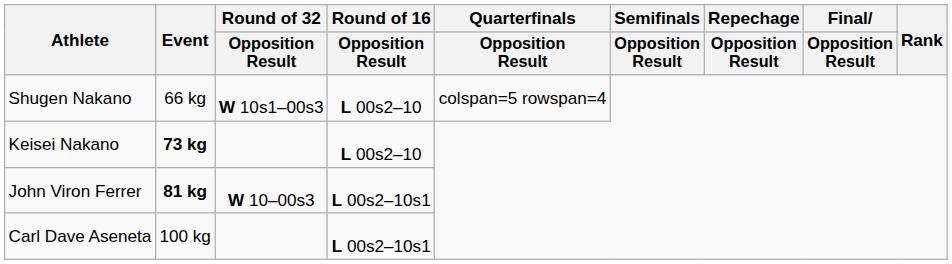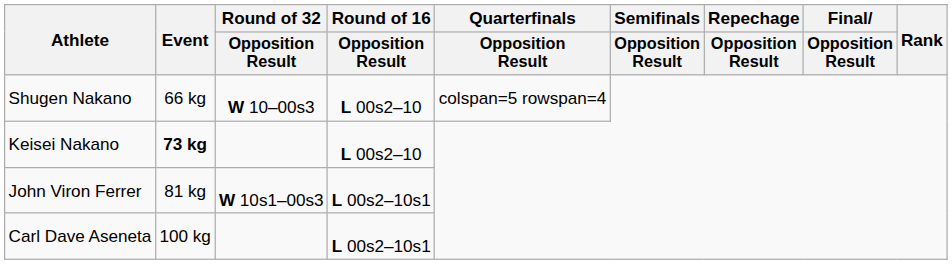 <table class=wikitable style="text-align:center; font-size:90%">
 <tr>
 <th rowspan=2>Athlete</th>
 <th rowspan=2>Event</th>
 <th>Round of 32</th>
 <th>Round of 16</th>
 <th>Quarterfinals</th>
 <th>Semifinals</th>
 <th>Repechage</th>
 <th>Final/</th>
 <th rowspan=2>Rank</th>
 </tr>
 <tr style="font-size:95%">
 <th>Opposition<br>Result</th>
 <th>Opposition<br>Result</th>
 <th>Opposition<br>Result</th>
 <th>Opposition<br>Result</th>
 <th>Opposition<br>Result</th>
 <th>Opposition<br>Result</th>
 </tr>
 <tr>
 <td align=left>Shugen Nakano</td>
 <td>66 kg</td>
-<td><br><strong>W</strong> 10s1–00s3</td>
+<td><br><strong>W</strong> 10–00s3</td>
 <td><br><strong>L</strong> 00s2–10</td>
 <td>colspan=5 rowspan=4 </td>
 </tr>
 <tr>
 <td align=left>Keisei Nakano</td>
 <td><strong>73 kg</strong></td>
 <td></td>
 <td><br><strong>L</strong> 00s2–10</td>
 </tr>
 <tr>
 <td align=left>John Viron Ferrer</td>
-<td><strong>81 kg</strong></td>
-<td><br><strong>W</strong> 10–00s3</td>
+<td>81 kg</td>
+<td><br><strong>W</strong> 10s1–00s3</td>
 <td><br><strong>L</strong> 00s2–10s1</td>
 </tr>
 <tr>
 <td align=left>Carl Dave Aseneta</td>
 <td>100 kg</td>
 <td></td>
 <td><br><strong>L</strong> 00s2–10s1</td>
 </tr>
 </table>
